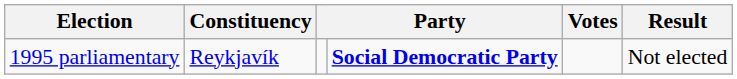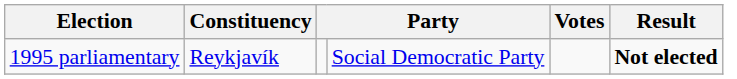 <table class="wikitable" style="text-align:left;">
 <tr>
 <th scope=col>Election</th>
 <th scope=col>Constituency</th>
 <th scope=col colspan="2">Party</th>
 <th scope=col>Votes</th>
 <th scope=col>Result</th>
 </tr>
 <tr>
 <td><a href='#'>1995 parliamentary</a></td>
 <td><a href='#'>Reykjavík</a></td>
 <td style="background:"></td>
-<td><strong><a href='#'>Social Democratic Party</a></strong></td>
+<td><a href='#'>Social Democratic Party</a></td>
 <td align=right></td>
-<td>Not elected</td>
+<td><strong>Not elected</strong></td>
 </tr>
 </table>
